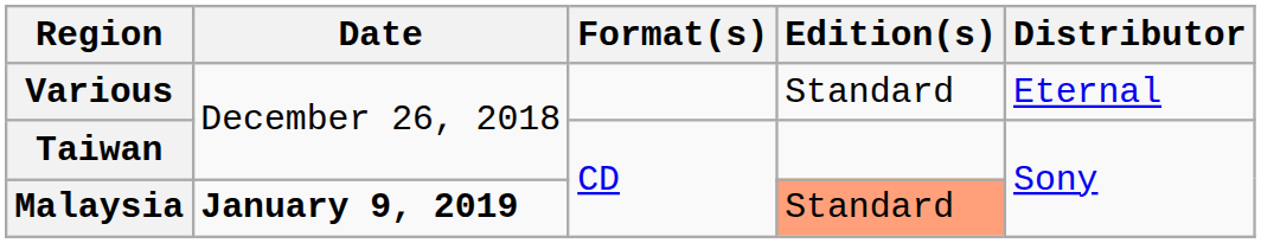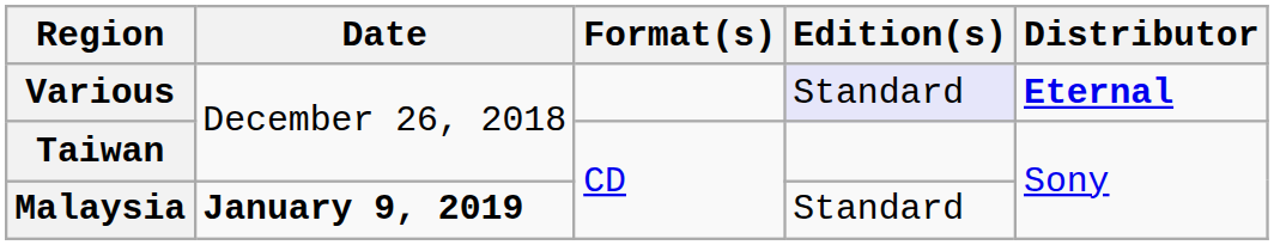 <table class="wikitable plainrowheaders">
 <tr>
 <th>Region</th>
 <th>Date</th>
 <th>Format(s)</th>
 <th>Edition(s)</th>
 <th>Distributor</th>
 </tr>
 <tr>
 <th scope="row">Various</th>
 <td rowspan="2">December 26, 2018</td>
 <td></td>
-<td>Standard</td>
-<td><a href='#'>Eternal</a></td>
+<td style="background: lavender;">Standard</td>
+<td><strong><a href='#'>Eternal</a></strong></td>
 </tr>
 <tr>
 <th scope="row">Taiwan</th>
 <td rowspan="2"><a href='#'>CD</a></td>
 <td></td>
 <td rowspan="2"><a href='#'>Sony</a></td>
 </tr>
 <tr>
 <th scope="row">Malaysia</th>
 <td><strong>January 9, 2019</strong></td>
-<td style="background: lightsalmon;">Standard</td>
+<td>Standard</td>
 </tr>
 </table>
